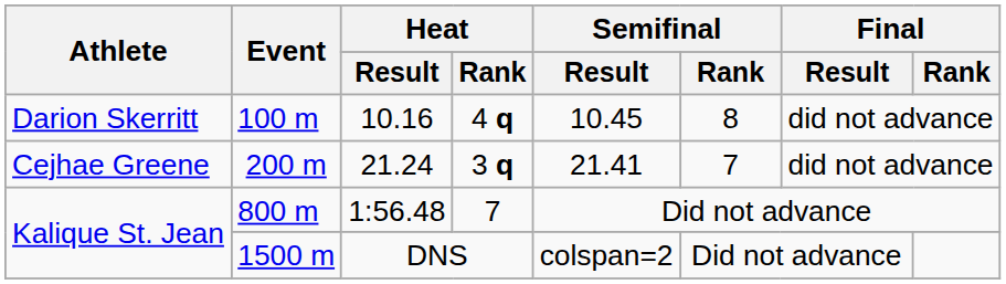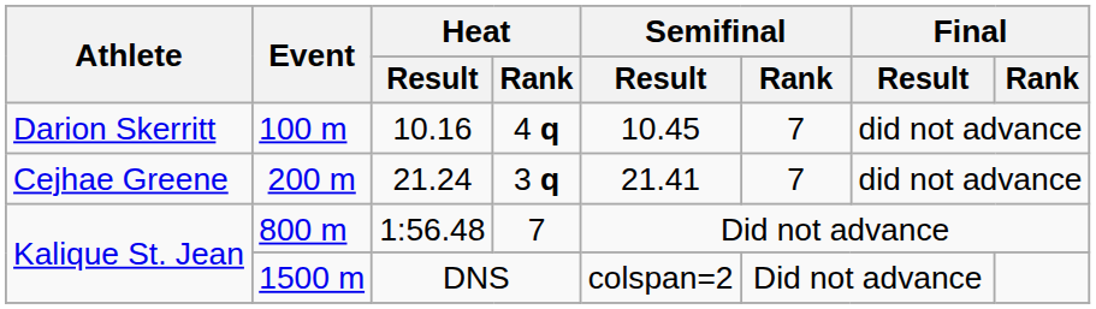 <table class="wikitable" style="font-size:90%; text-align:center">
 <tr>
 <th rowspan=2>Athlete</th>
 <th rowspan=2>Event</th>
 <th colspan=2>Heat</th>
 <th colspan=2>Semifinal</th>
 <th colspan=2>Final</th>
 </tr>
 <tr style="font-size:95%">
 <th>Result</th>
 <th>Rank</th>
 <th>Result</th>
 <th>Rank</th>
 <th>Result</th>
 <th>Rank</th>
 </tr>
 <tr>
 <td align="left"><a href='#'>Darion Skerritt</a></td>
 <td align="left"><a href='#'>100 m</a></td>
 <td>10.16</td>
 <td>4 <strong>q</strong></td>
 <td>10.45</td>
-<td>8</td>
+<td>7</td>
 <td colspan=2>did not advance</td>
 </tr>
 <tr>
 <td align=left><a href='#'>Cejhae Greene</a></td>
 <td><a href='#'>200 m</a></td>
 <td>21.24</td>
 <td>3 <strong>q</strong></td>
 <td>21.41</td>
 <td>7</td>
 <td colspan=2>did not advance</td>
 </tr>
 <tr>
 <td rowspan="2" align="left"><a href='#'>Kalique St. Jean</a></td>
 <td rowspan="1" align="left"><a href='#'>800 m</a></td>
 <td>1:56.48</td>
 <td>7</td>
 <td colspan="4">Did not advance</td>
 </tr>
 <tr>
 <td rowspan="1" align="left"><a href='#'>1500 m</a></td>
 <td colspan="2">DNS</td>
 <td>colspan=2 </td>
 <td colspan="2">Did not advance</td>
 </tr>
 </table>
